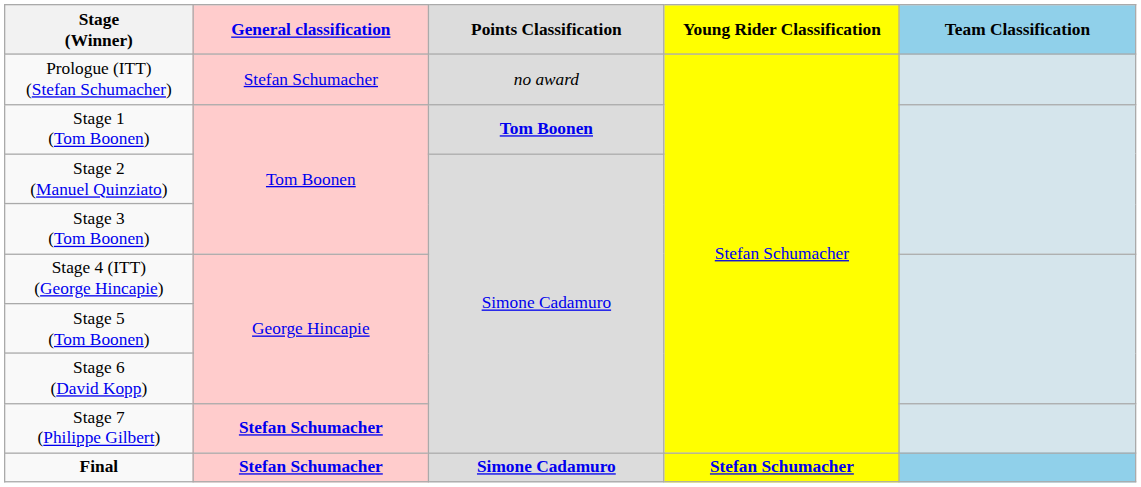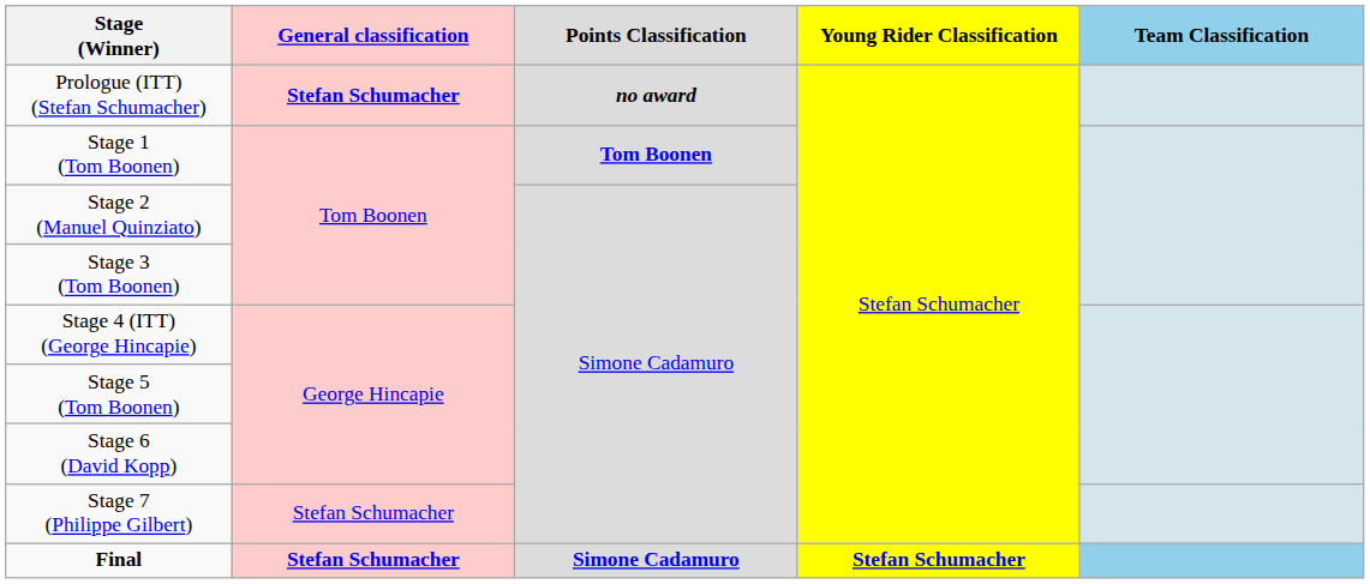 <table class="wikitable" style="text-align: center; font-size:smaller;">
 <tr style="background-color: #efefef;">
 <th width="12%">Stage<br>(Winner)</th>
 <th style="background:#FFCCCC;" width="15%"><a href='#'>General classification</a><br></th>
 <th style="background:#DCDCDC;" width="15%">Points Classification<br></th>
 <th style="background:#FFFF00;" width="15%">Young Rider Classification<br></th>
 <th style="background:#90D0EA;" width="15%">Team Classification</th>
 </tr>
 <tr>
 <td>Prologue (ITT)<br>(<a href='#'>Stefan Schumacher</a>)</td>
-<td style="background:#FFCCCC;" rowspan="1"><a href='#'>Stefan Schumacher</a></td>
-<td style="background:#DCDCDC;" rowspan="1"><em>no award</em></td>
+<td style="background:#FFCCCC;" rowspan="1"><strong><a href='#'>Stefan Schumacher</a></strong></td>
+<td style="background:#DCDCDC;" rowspan="1"><strong><em>no award</em></strong></td>
 <td style="background:#FFFF00;" rowspan="8"><a href='#'>Stefan Schumacher</a></td>
 <td style="background:#D5E5EC;" rowspan="1"></td>
 </tr>
 <tr>
 <td>Stage 1 <br>(<a href='#'>Tom Boonen</a>)</td>
 <td style="background:#FFCCCC;" rowspan="3"><a href='#'>Tom Boonen</a></td>
 <td style="background:#DCDCDC;" rowspan="1"><strong><a href='#'>Tom Boonen</a></strong></td>
 <td style="background:#D5E5EC;" rowspan="3"></td>
 </tr>
 <tr>
 <td>Stage 2 <br>(<a href='#'>Manuel Quinziato</a>)</td>
 <td style="background:#DCDCDC;" rowspan="6"><a href='#'>Simone Cadamuro</a></td>
 </tr>
 <tr>
 <td>Stage 3 <br>(<a href='#'>Tom Boonen</a>)</td>
 </tr>
 <tr>
 <td>Stage 4 (ITT) <br>(<a href='#'>George Hincapie</a>)</td>
 <td style="background:#FFCCCC;" rowspan="3"><a href='#'>George Hincapie</a></td>
 <td style="background:#D5E5EC;" rowspan="3"></td>
 </tr>
 <tr>
 <td>Stage 5 <br>(<a href='#'>Tom Boonen</a>)</td>
 </tr>
 <tr>
 <td>Stage 6 <br>(<a href='#'>David Kopp</a>)</td>
 </tr>
 <tr>
 <td>Stage 7 <br>(<a href='#'>Philippe Gilbert</a>)</td>
-<td style="background:#FFCCCC;" rowspan="1"><strong><a href='#'>Stefan Schumacher</a></strong></td>
+<td style="background:#FFCCCC;" rowspan="1"><a href='#'>Stefan Schumacher</a></td>
 <td style="background:#D5E5EC;" rowspan="1"></td>
 </tr>
 <tr>
 <td><strong>Final</strong></td>
 <th style="background:#FFCCCC;" width="15%"><a href='#'>Stefan Schumacher</a></th>
 <th style="background:#DCDCDC;" width="15%"><a href='#'>Simone Cadamuro</a></th>
 <th style="background:#FFFF00;" width="15%"><a href='#'>Stefan Schumacher</a></th>
 <th style="background:#90D0EA;" width="15%"></th>
 </tr>
 </table>
